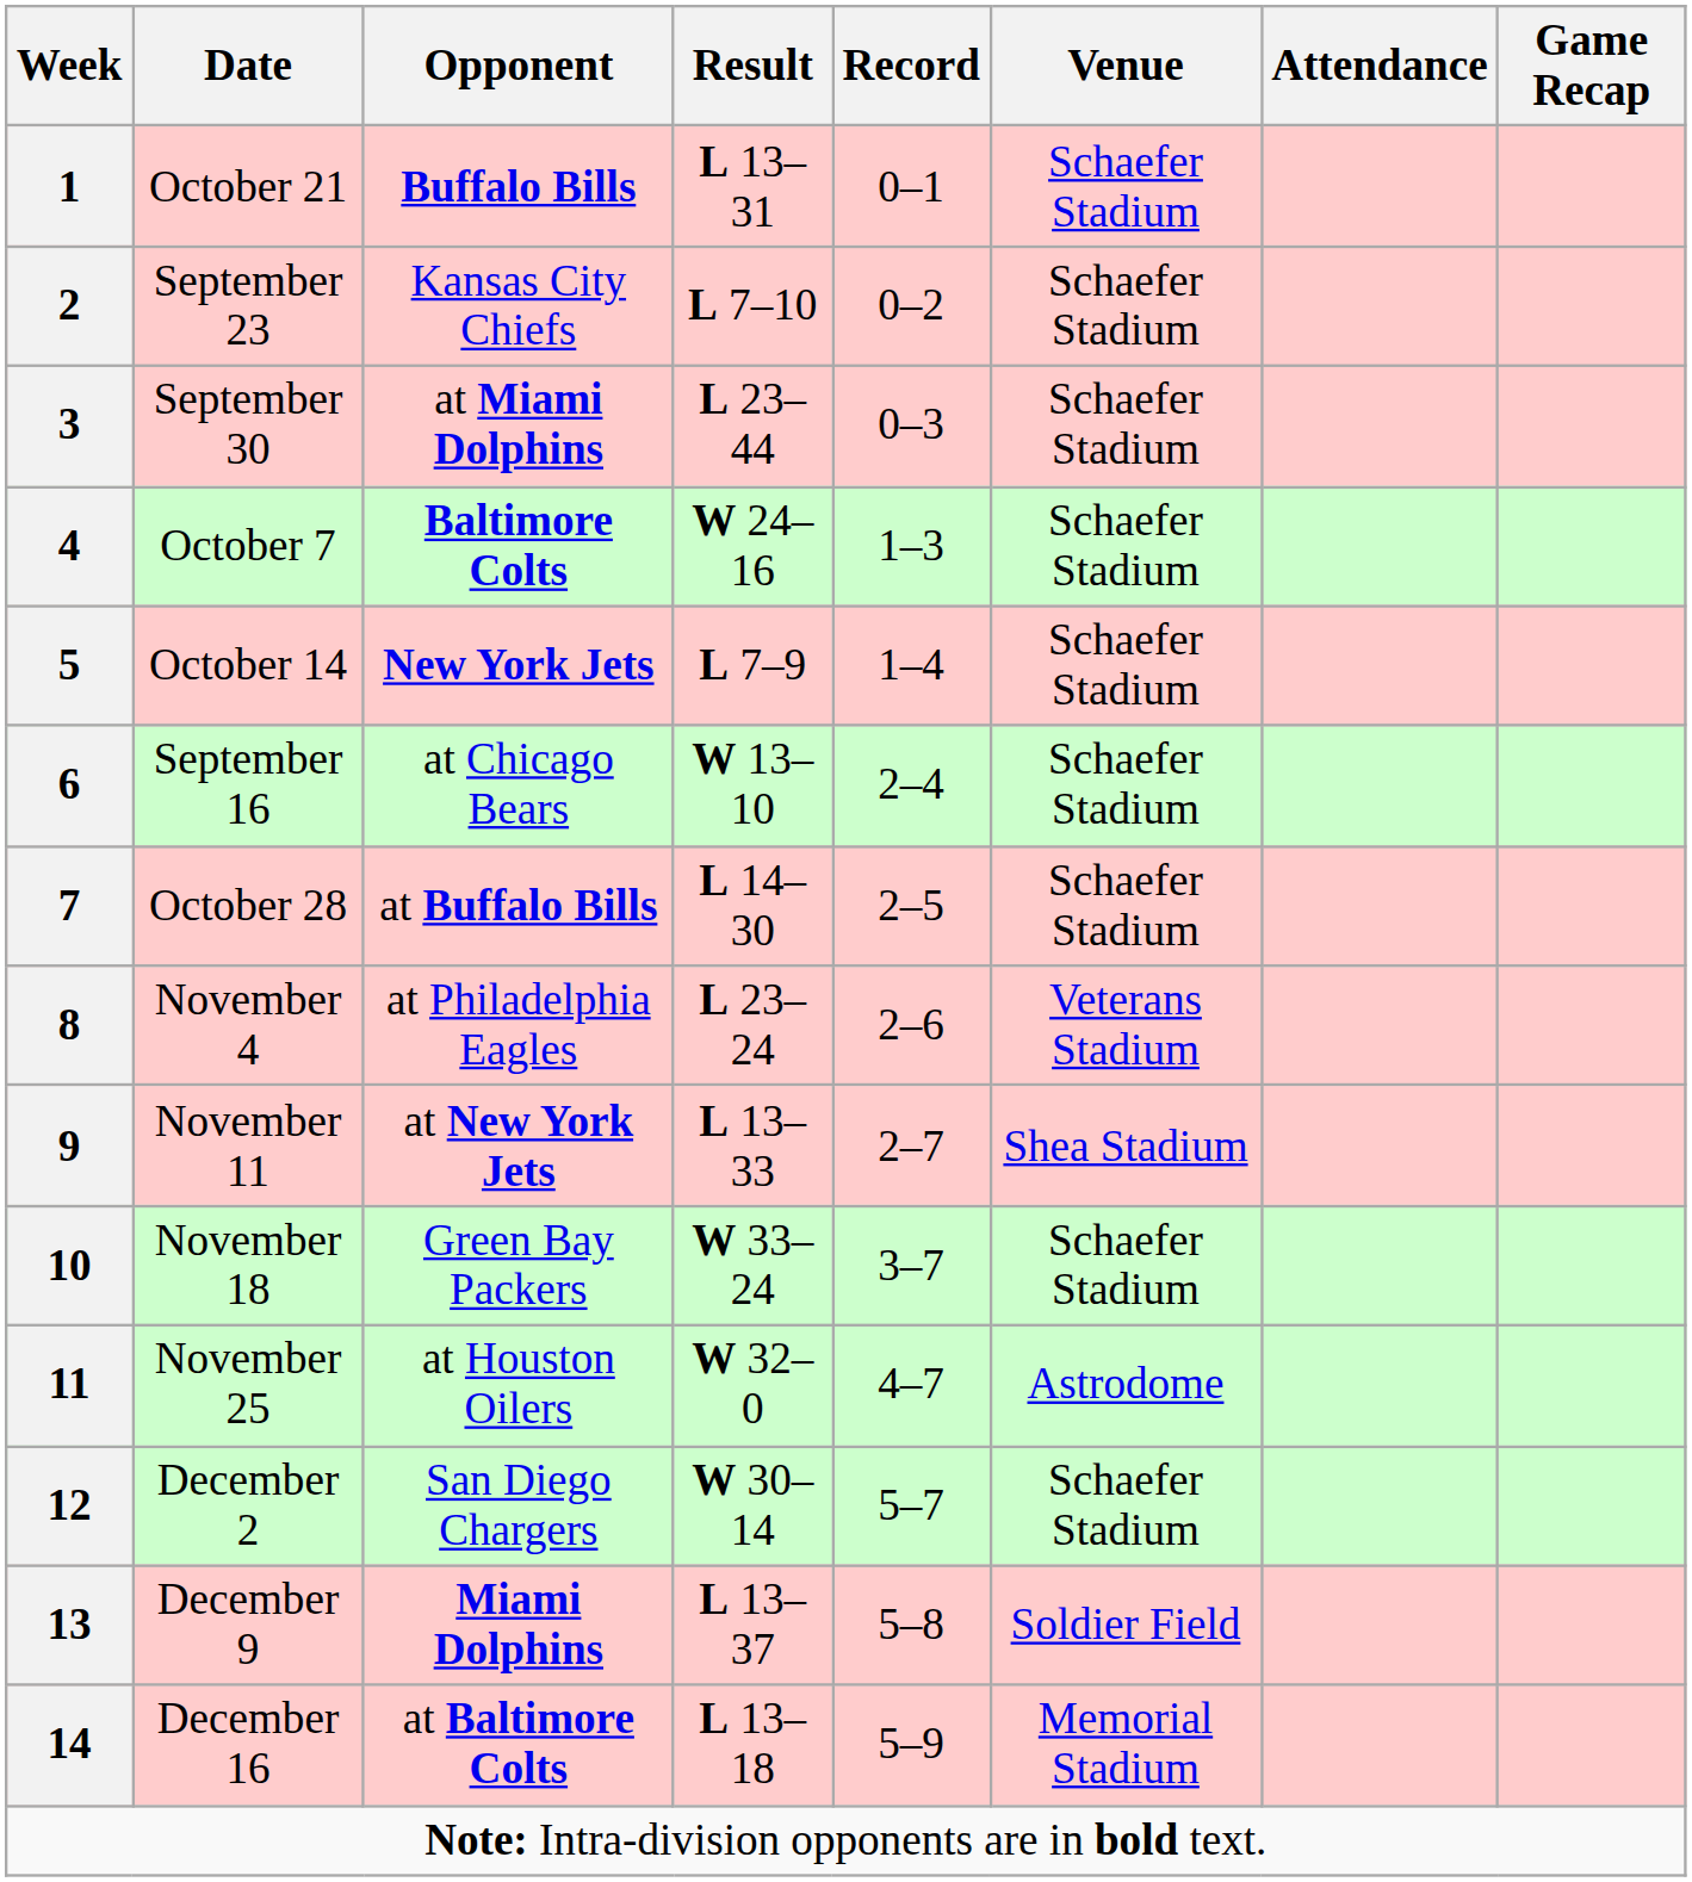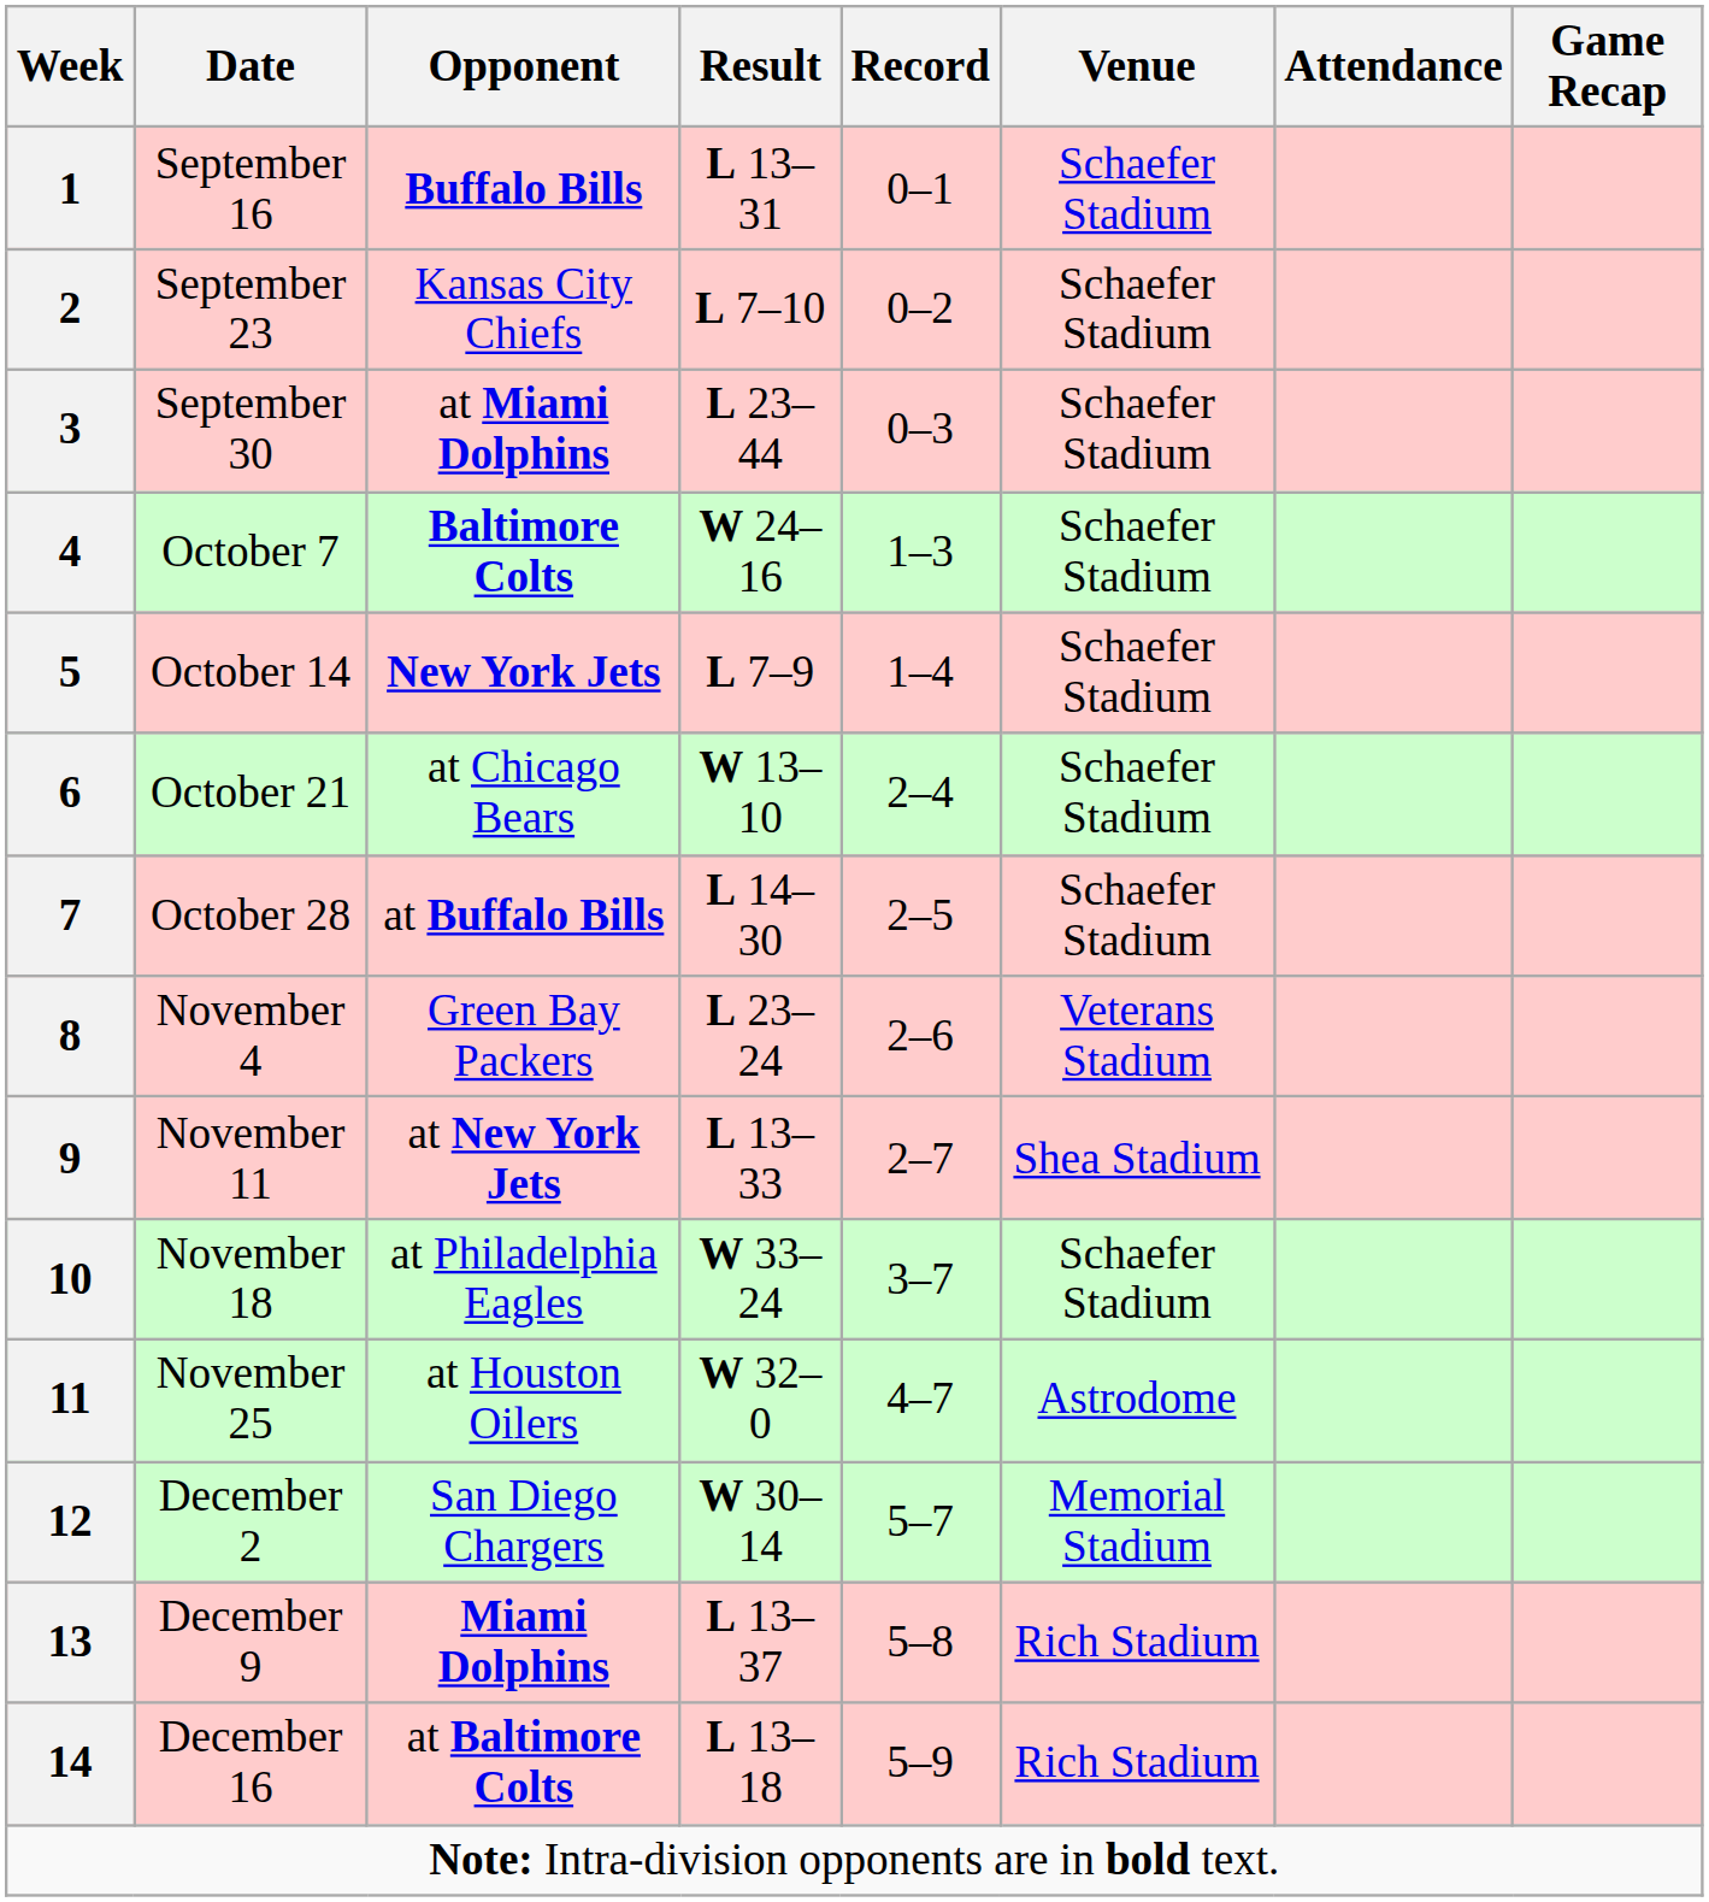 <table class="wikitable" style="text-align:center">
 <tr>
 <th>Week</th>
 <th>Date</th>
 <th>Opponent</th>
 <th>Result</th>
 <th>Record</th>
 <th>Venue</th>
 <th>Attendance</th>
 <th>Game Recap</th>
 </tr>
 <tr style="background:#fcc">
 <th>1</th>
-<td>October 21</td>
+<td>September 16</td>
 <td><strong><a href='#'>Buffalo Bills</a></strong></td>
 <td><strong>L</strong> 13–31</td>
 <td>0–1</td>
 <td><a href='#'>Schaefer Stadium</a></td>
 <td></td>
 <td></td>
 </tr>
 <tr style="background:#fcc">
 <th>2</th>
 <td>September 23</td>
 <td><a href='#'>Kansas City Chiefs</a></td>
 <td><strong>L</strong> 7–10</td>
 <td>0–2</td>
 <td>Schaefer Stadium</td>
 <td></td>
 <td></td>
 </tr>
 <tr style="background:#fcc">
 <th>3</th>
 <td>September 30</td>
 <td>at <strong><a href='#'>Miami Dolphins</a></strong></td>
 <td><strong>L</strong> 23–44</td>
 <td>0–3</td>
 <td>Schaefer Stadium</td>
 <td></td>
 <td></td>
 </tr>
 <tr style="background:#cfc">
 <th>4</th>
 <td>October 7</td>
 <td><strong><a href='#'>Baltimore Colts</a></strong></td>
 <td><strong>W</strong> 24–16</td>
 <td>1–3</td>
 <td>Schaefer Stadium</td>
 <td></td>
 <td></td>
 </tr>
 <tr style="background:#fcc">
 <th>5</th>
 <td>October 14</td>
 <td><strong><a href='#'>New York Jets</a></strong></td>
 <td><strong>L</strong> 7–9</td>
 <td>1–4</td>
 <td>Schaefer Stadium</td>
 <td></td>
 <td></td>
 </tr>
 <tr style="background:#cfc">
 <th>6</th>
-<td>September 16</td>
+<td>October 21</td>
 <td>at <a href='#'>Chicago Bears</a></td>
 <td><strong>W</strong> 13–10</td>
 <td>2–4</td>
 <td>Schaefer Stadium</td>
 <td></td>
 <td></td>
 </tr>
 <tr style="background:#fcc">
 <th>7</th>
 <td>October 28</td>
 <td>at <strong><a href='#'>Buffalo Bills</a></strong></td>
 <td><strong>L</strong> 14–30</td>
 <td>2–5</td>
 <td>Schaefer Stadium</td>
 <td></td>
 <td></td>
 </tr>
 <tr style="background:#fcc">
 <th>8</th>
 <td>November 4</td>
-<td>at <a href='#'>Philadelphia Eagles</a></td>
+<td><a href='#'>Green Bay Packers</a></td>
 <td><strong>L</strong> 23–24</td>
 <td>2–6</td>
 <td><a href='#'>Veterans Stadium</a></td>
 <td></td>
 <td></td>
 </tr>
 <tr style="background:#fcc">
 <th>9</th>
 <td>November 11</td>
 <td>at <strong><a href='#'>New York Jets</a></strong></td>
 <td><strong>L</strong> 13–33</td>
 <td>2–7</td>
 <td><a href='#'>Shea Stadium</a></td>
 <td></td>
 <td></td>
 </tr>
 <tr style="background:#cfc">
 <th>10</th>
 <td>November 18</td>
-<td><a href='#'>Green Bay Packers</a></td>
+<td>at <a href='#'>Philadelphia Eagles</a></td>
 <td><strong>W</strong> 33–24</td>
 <td>3–7</td>
 <td>Schaefer Stadium</td>
 <td></td>
 <td></td>
 </tr>
 <tr style="background:#cfc">
 <th>11</th>
 <td>November 25</td>
 <td>at <a href='#'>Houston Oilers</a></td>
 <td><strong>W</strong> 32–0</td>
 <td>4–7</td>
 <td><a href='#'>Astrodome</a></td>
 <td></td>
 <td></td>
 </tr>
 <tr style="background:#cfc">
 <th>12</th>
 <td>December 2</td>
 <td><a href='#'>San Diego Chargers</a></td>
 <td><strong>W</strong> 30–14</td>
 <td>5–7</td>
-<td>Schaefer Stadium</td>
+<td><a href='#'>Memorial Stadium</a></td>
 <td></td>
 <td></td>
 </tr>
 <tr style="background:#fcc">
 <th>13</th>
 <td>December 9</td>
 <td><strong><a href='#'>Miami Dolphins</a></strong></td>
 <td><strong>L</strong> 13–37</td>
 <td>5–8</td>
-<td><a href='#'>Soldier Field</a></td>
+<td><a href='#'>Rich Stadium</a></td>
 <td></td>
 <td></td>
 </tr>
 <tr style="background:#fcc">
 <th>14</th>
 <td>December 16</td>
 <td>at <strong><a href='#'>Baltimore Colts</a></strong></td>
 <td><strong>L</strong> 13–18</td>
 <td>5–9</td>
-<td><a href='#'>Memorial Stadium</a></td>
+<td><a href='#'>Rich Stadium</a></td>
 <td></td>
 <td></td>
 </tr>
 <tr>
 <td colspan="8"><strong>Note:</strong> Intra-division opponents are in <strong>bold</strong> text.</td>
 </tr>
 </table>
